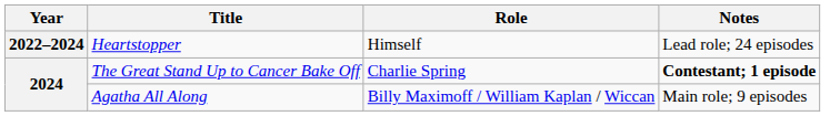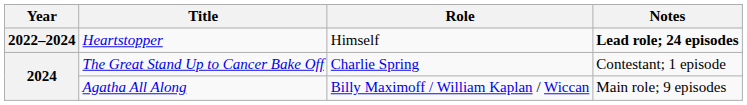 <table class="wikitable plainrowheaders sortable">
 <tr>
 <th scope="col">Year</th>
 <th scope="col">Title</th>
 <th scope="col" class="unsortable">Role</th>
 <th scope="col" class="unsortable">Notes</th>
 </tr>
 <tr>
 <th scope="row">2022–2024</th>
 <td><em><a href='#'>Heartstopper</a></em></td>
 <td>Himself</td>
-<td>Lead role; 24 episodes</td>
+<td><strong>Lead role; 24 episodes</strong></td>
 </tr>
 <tr>
 <th rowspan="2" scope="row">2024</th>
 <td><em><a href='#'>The Great Stand Up to Cancer Bake Off</a></em></td>
 <td><a href='#'>Charlie Spring</a></td>
-<td><strong>Contestant; 1 episode</strong></td>
+<td>Contestant; 1 episode</td>
 </tr>
 <tr>
 <td><em><a href='#'>Agatha All Along</a></em></td>
 <td><a href='#'>Billy Maximoff / William Kaplan</a> / <a href='#'>Wiccan</a></td>
 <td>Main role; 9 episodes</td>
 </tr>
 </table>
